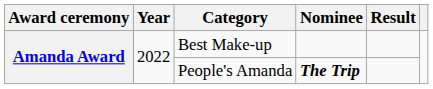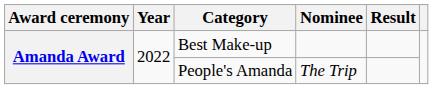 <table class="wikitable plainrowheaders sortable">
 <tr>
 <th scope="col">Award ceremony</th>
 <th scope="col">Year</th>
 <th scope="col">Category</th>
 <th scope="col">Nominee</th>
 <th scope="col">Result</th>
 <th scope="col" class="unsortable"></th>
 </tr>
 <tr>
 <th scope="row" rowspan="2"><a href='#'>Amanda Award</a></th>
 <td rowspan="2">2022</td>
 <td>Best Make-up</td>
 <td></td>
 <td></td>
 <td rowspan="2" style="text-align:center;"></td>
 </tr>
 <tr>
 <td>People's Amanda</td>
-<td><strong><em>The Trip</em></strong></td>
+<td><em>The Trip</em></td>
 <td></td>
 </tr>
 </table>
